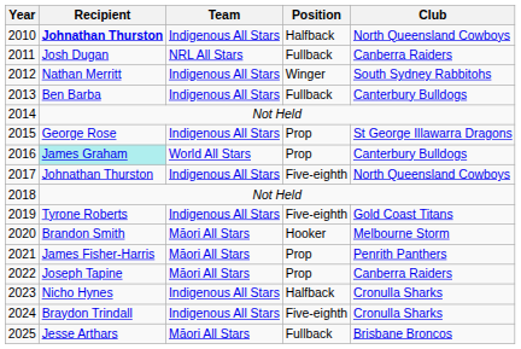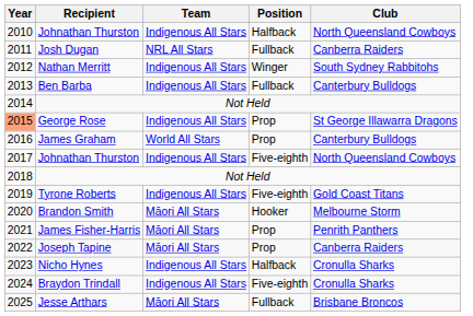 <table class="wikitable sortable">
 <tr>
 <th>Year</th>
 <th>Recipient</th>
 <th>Team</th>
 <th>Position</th>
 <th>Club</th>
 </tr>
 <tr>
 <td>2010</td>
-<td><strong><a href='#'>Johnathan Thurston</a></strong></td>
+<td><a href='#'>Johnathan Thurston</a></td>
 <td><a href='#'>Indigenous All Stars</a></td>
 <td>Halfback</td>
 <td> <a href='#'>North Queensland Cowboys</a></td>
 </tr>
 <tr>
 <td>2011</td>
 <td><a href='#'>Josh Dugan</a></td>
 <td><a href='#'>NRL All Stars</a></td>
 <td>Fullback</td>
 <td> <a href='#'>Canberra Raiders</a></td>
 </tr>
 <tr>
 <td>2012</td>
 <td><a href='#'>Nathan Merritt</a></td>
 <td><a href='#'>Indigenous All Stars</a></td>
 <td>Winger</td>
 <td> <a href='#'>South Sydney Rabbitohs</a></td>
 </tr>
 <tr>
 <td>2013</td>
 <td><a href='#'>Ben Barba</a></td>
 <td><a href='#'>Indigenous All Stars</a></td>
 <td>Fullback</td>
 <td> <a href='#'>Canterbury Bulldogs</a></td>
 </tr>
 <tr>
 <td>2014</td>
 <td colspan=4 align=center><em>Not Held</em></td>
 </tr>
 <tr>
-<td>2015</td>
+<td style="background: lightsalmon;">2015</td>
 <td><a href='#'>George Rose</a></td>
 <td><a href='#'>Indigenous All Stars</a></td>
 <td>Prop</td>
 <td> <a href='#'>St George Illawarra Dragons</a></td>
 </tr>
 <tr>
 <td>2016</td>
-<td style="background: paleturquoise;"><a href='#'>James Graham</a></td>
+<td><a href='#'>James Graham</a></td>
 <td><a href='#'>World All Stars</a></td>
 <td>Prop</td>
 <td> <a href='#'>Canterbury Bulldogs</a></td>
 </tr>
 <tr>
 <td>2017</td>
 <td><a href='#'>Johnathan Thurston</a></td>
 <td><a href='#'>Indigenous All Stars</a></td>
 <td>Five-eighth</td>
 <td> <a href='#'>North Queensland Cowboys</a></td>
 </tr>
 <tr>
 <td>2018</td>
 <td colspan=4 align=center><em>Not Held</em></td>
 </tr>
 <tr>
 <td>2019</td>
 <td><a href='#'>Tyrone Roberts</a></td>
 <td><a href='#'>Indigenous All Stars</a></td>
 <td>Five-eighth</td>
 <td> <a href='#'>Gold Coast Titans</a></td>
 </tr>
 <tr>
 <td>2020</td>
 <td><a href='#'>Brandon Smith</a></td>
 <td><a href='#'>Māori All Stars</a></td>
 <td>Hooker</td>
 <td> <a href='#'>Melbourne Storm</a></td>
 </tr>
 <tr>
 <td>2021</td>
 <td><a href='#'>James Fisher-Harris</a></td>
 <td><a href='#'>Māori All Stars</a></td>
 <td>Prop</td>
 <td> <a href='#'>Penrith Panthers</a></td>
 </tr>
 <tr>
 <td>2022</td>
 <td><a href='#'>Joseph Tapine</a></td>
 <td><a href='#'>Māori All Stars</a></td>
 <td>Prop</td>
 <td> <a href='#'>Canberra Raiders</a></td>
 </tr>
 <tr>
 <td>2023</td>
 <td><a href='#'>Nicho Hynes</a></td>
 <td><a href='#'>Indigenous All Stars</a></td>
 <td>Halfback</td>
 <td> <a href='#'>Cronulla Sharks</a></td>
 </tr>
 <tr>
 <td>2024</td>
 <td><a href='#'>Braydon Trindall</a></td>
 <td><a href='#'>Indigenous All Stars</a></td>
 <td>Five-eighth</td>
 <td> <a href='#'>Cronulla Sharks</a></td>
 </tr>
 <tr>
 <td>2025</td>
 <td><a href='#'>Jesse Arthars</a></td>
 <td><a href='#'>Māori All Stars</a></td>
 <td>Fullback</td>
 <td><a href='#'>Brisbane Broncos</a></td>
 </tr>
 </table>
